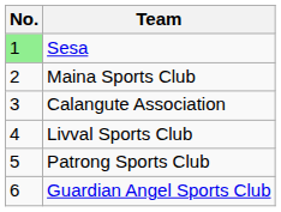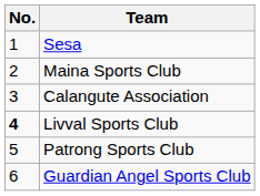 <table class="wikitable">
 <tr>
 <th>No.</th>
 <th>Team</th>
 </tr>
 <tr>
-<td style="background: lightgreen;">1</td>
+<td>1</td>
 <td><a href='#'>Sesa</a></td>
 </tr>
 <tr>
 <td>2</td>
 <td>Maina Sports Club</td>
 </tr>
 <tr>
 <td>3</td>
 <td>Calangute Association</td>
 </tr>
 <tr>
-<td>4</td>
+<td><strong>4</strong></td>
 <td>Livval Sports Club</td>
 </tr>
 <tr>
 <td>5</td>
 <td>Patrong Sports Club</td>
 </tr>
 <tr>
 <td>6</td>
 <td><a href='#'>Guardian Angel Sports Club</a></td>
 </tr>
 </table>
